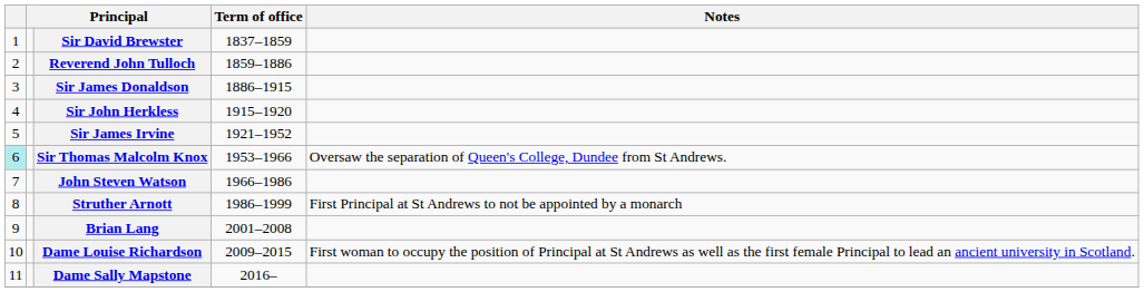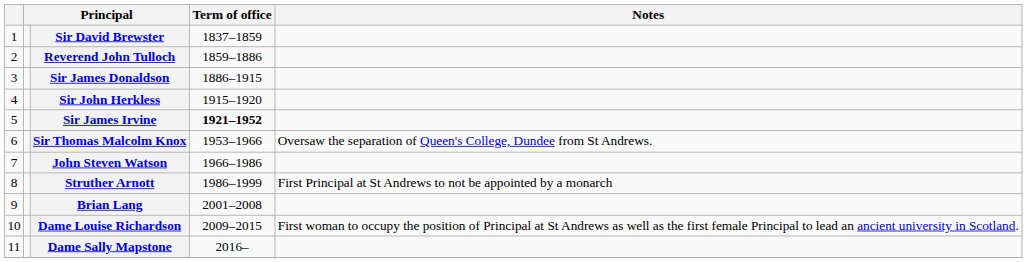 <table class="wikitable sortable">
 <tr>
 <th scope="row"></th>
 <th colspan="2" scope="col">Principal</th>
 <th scope="col">Term of office</th>
 <th scope="col" class="unsortable">Notes</th>
 </tr>
 <tr>
 <td align="center">1</td>
 <td data-sort-value="Brewster, David"></td>
 <th scope="row"><a href='#'>Sir David Brewster</a></th>
 <td align="center">1837–1859</td>
 <td></td>
 </tr>
 <tr>
 <td align="center">2</td>
 <td data-sort-value="Tulloch, John"></td>
 <th scope="row"><a href='#'>Reverend John Tulloch</a></th>
 <td align="center">1859–1886</td>
 <td></td>
 </tr>
 <tr>
 <td align="center">3</td>
 <td data-sort-value="Donaldson, James"></td>
 <th scope="row"><a href='#'>Sir James Donaldson</a></th>
 <td align="center">1886–1915</td>
 <td></td>
 </tr>
 <tr>
 <td align="center">4</td>
 <td data-sort-value="Herkless, John"></td>
 <th scope="row"><a href='#'>Sir John Herkless</a></th>
 <td align="center">1915–1920</td>
 <td></td>
 </tr>
 <tr>
 <td align="center">5</td>
 <td data-sort-value="Irvine, James"></td>
 <th scope="row"><a href='#'>Sir James Irvine</a></th>
-<td align="center">1921–1952</td>
+<td align="center"><strong>1921–1952</strong></td>
 <td></td>
 </tr>
 <tr>
-<td align="center" style="background: paleturquoise;">6</td>
+<td align="center">6</td>
 <td data-sort-value="Knox, Thomas"></td>
 <th scope="row"><a href='#'>Sir Thomas Malcolm Knox</a></th>
 <td align="center">1953–1966</td>
 <td>Oversaw the separation of <a href='#'>Queen's College, Dundee</a> from St Andrews.</td>
 </tr>
 <tr>
 <td align="center">7</td>
 <td data-sort-value="Steven Watson, John"></td>
 <th scope="row"><a href='#'>John Steven Watson</a></th>
 <td align="center">1966–1986</td>
 <td></td>
 </tr>
 <tr>
 <td align="center">8</td>
 <td data-sort-value="Arnott, Thomas"></td>
 <th scope="row"><a href='#'>Struther Arnott</a></th>
 <td align="center">1986–1999</td>
 <td>First Principal at St Andrews to not be appointed by a monarch</td>
 </tr>
 <tr>
 <td align="center">9</td>
 <td data-sort-value="Lang, Brian"></td>
 <th scope="row"><a href='#'>Brian Lang</a></th>
 <td align="center">2001–2008</td>
 <td></td>
 </tr>
 <tr>
 <td align="center">10</td>
 <td data-sort-value="Richardson, Louise"></td>
 <th scope="row"><a href='#'>Dame Louise Richardson</a></th>
 <td align="center">2009–2015</td>
 <td>First woman to occupy the position of Principal at St Andrews as well as the first female Principal to lead an <a href='#'>ancient university in Scotland</a>.</td>
 </tr>
 <tr>
 <td align="center">11</td>
 <td data-sort-value="Mapstone, Sally"></td>
 <th scope="row"><a href='#'>Dame Sally Mapstone</a></th>
 <td align="center">2016–</td>
 <td></td>
 </tr>
 <tr>
 </tr>
 </table>
